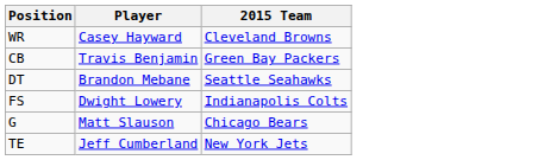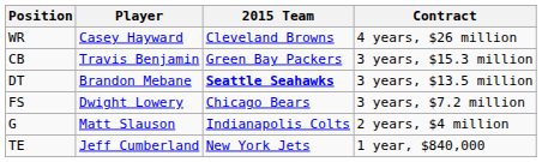 <table class="wikitable" style="font-size: 95%; text-align: left">
 <tr>
 <th>Position</th>
 <th>Player</th>
 <th>2015 Team</th>
+<th>Contract</th>
 </tr>
 <tr>
 <td>WR</td>
 <td><a href='#'>Casey Hayward</a></td>
 <td><a href='#'>Cleveland Browns</a></td>
+<td>4 years, $26 million</td>
 </tr>
 <tr>
 <td>CB</td>
 <td><a href='#'>Travis Benjamin</a></td>
 <td><a href='#'>Green Bay Packers</a></td>
+<td>3 years, $15.3 million</td>
 </tr>
 <tr>
 <td>DT</td>
 <td><a href='#'>Brandon Mebane</a></td>
-<td><a href='#'>Seattle Seahawks</a></td>
+<td><strong><a href='#'>Seattle Seahawks</a></strong></td>
+<td>3 years, $13.5 million</td>
 </tr>
 <tr>
 <td>FS</td>
 <td><a href='#'>Dwight Lowery</a></td>
-<td><a href='#'>Indianapolis Colts</a></td>
+<td><a href='#'>Chicago Bears</a></td>
+<td>3 years, $7.2 million</td>
 </tr>
 <tr>
 <td>G</td>
 <td><a href='#'>Matt Slauson</a></td>
-<td><a href='#'>Chicago Bears</a></td>
+<td><a href='#'>Indianapolis Colts</a></td>
+<td>2 years, $4 million</td>
 </tr>
 <tr>
 <td>TE</td>
 <td><a href='#'>Jeff Cumberland</a></td>
 <td><a href='#'>New York Jets</a></td>
+<td>1 year, $840,000</td>
 </tr>
 </table>
